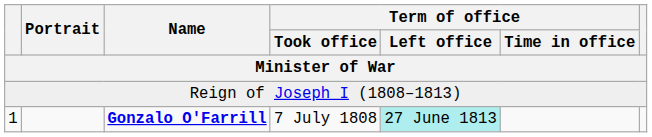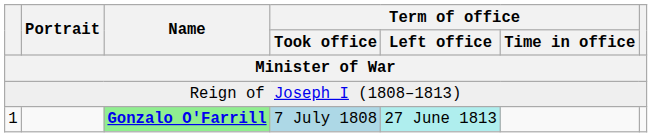 <table class="wikitable" style="text-align:center">
 <tr>
 <th rowspan=2></th>
 <th rowspan=2>Portrait</th>
 <th rowspan=2>Name<br></th>
 <th colspan=3>Term of office</th>
 <th rowspan=2></th>
 </tr>
 <tr>
 <th>Took office</th>
 <th>Left office</th>
 <th>Time in office</th>
 </tr>
 <tr>
 <th colspan=7>Minister of War</th>
 </tr>
 <tr style="background:#efefef;">
 <td colspan=7>Reign of <a href='#'>Joseph I</a> (1808–1813)</td>
 </tr>
 <tr>
 <td>1</td>
 <td></td>
-<td><strong><a href='#'>Gonzalo O'Farrill</a></strong><br></td>
-<td>7 July 1808</td>
+<td style="background: lightgreen;"><strong><a href='#'>Gonzalo O'Farrill</a></strong><br></td>
+<td style="background: lightblue;">7 July 1808</td>
 <td style="background: paleturquoise;">27 June 1813</td>
 <td></td>
 <td></td>
 </tr>
 </table>
